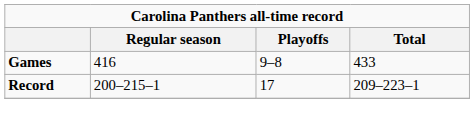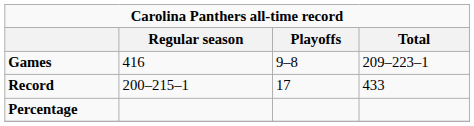 <table class="wikitable" style="width: 40%; height: 100px; margin: 0.5em 0.5em;" border="1">
 <tr>
 <td colspan="4" style="text-align:center; "><strong>Carolina Panthers all-time record</strong></td>
 </tr>
 <tr>
 <th style="text-align:center; "></th>
 <th style="text-align:center; "><strong>Regular season</strong></th>
 <th style="text-align:center; "><strong>Playoffs</strong></th>
 <th style="text-align:center; "><strong>Total</strong></th>
 </tr>
 <tr>
 <td><strong>Games</strong></td>
 <td>416</td>
 <td>9–8</td>
-<td>433</td>
+<td>209–223–1</td>
 </tr>
 <tr>
 <td><strong>Record</strong></td>
 <td>200–215–1</td>
 <td>17</td>
-<td>209–223–1</td>
+<td>433</td>
+</tr>
+<tr>
+<td><strong>Percentage</strong></td>
+<td></td>
+<td></td>
+<td></td>
 </tr>
 <tr>
 </tr>
 </table>
